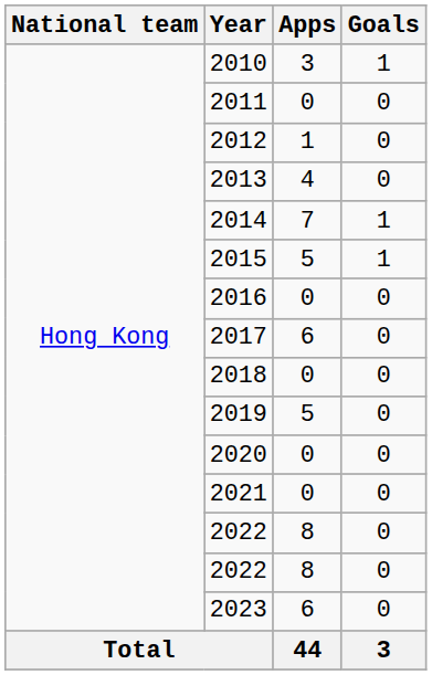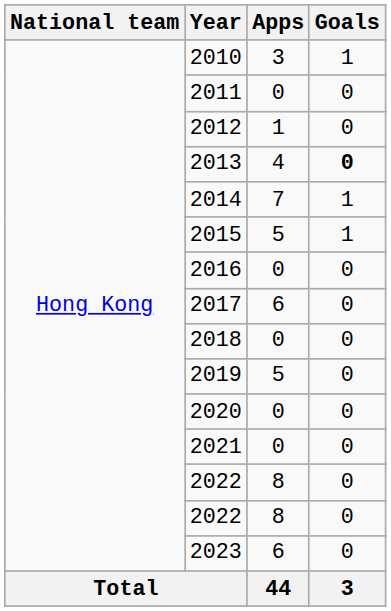 <table class="wikitable" style="text-align:center">
 <tr>
 <th>National team</th>
 <th>Year</th>
 <th>Apps</th>
 <th>Goals</th>
 </tr>
 <tr>
 <td rowspan="15"><a href='#'>Hong Kong</a></td>
 <td>2010</td>
 <td>3</td>
 <td>1</td>
 </tr>
 <tr>
 <td>2011</td>
 <td>0</td>
 <td>0</td>
 </tr>
 <tr>
 <td>2012</td>
 <td>1</td>
 <td>0</td>
 </tr>
 <tr>
 <td>2013</td>
 <td>4</td>
-<td>0</td>
+<td><strong>0</strong></td>
 </tr>
 <tr>
 <td>2014</td>
 <td>7</td>
 <td>1</td>
 </tr>
 <tr>
 <td>2015</td>
 <td>5</td>
 <td>1</td>
 </tr>
 <tr>
 <td>2016</td>
 <td>0</td>
 <td>0</td>
 </tr>
 <tr>
 <td>2017</td>
 <td>6</td>
 <td>0</td>
 </tr>
 <tr>
 <td>2018</td>
 <td>0</td>
 <td>0</td>
 </tr>
 <tr>
 <td>2019</td>
 <td>5</td>
 <td>0</td>
 </tr>
 <tr>
 <td>2020</td>
 <td>0</td>
 <td>0</td>
 </tr>
 <tr>
 <td>2021</td>
 <td>0</td>
 <td>0</td>
 </tr>
 <tr>
 <td>2022</td>
 <td>8</td>
 <td>0</td>
 </tr>
 <tr>
 <td>2022</td>
 <td>8</td>
 <td>0</td>
 </tr>
 <tr>
 <td>2023</td>
 <td>6</td>
 <td>0</td>
 </tr>
 <tr>
 <th colspan=2>Total</th>
 <th>44</th>
 <th>3</th>
 </tr>
 </table>
